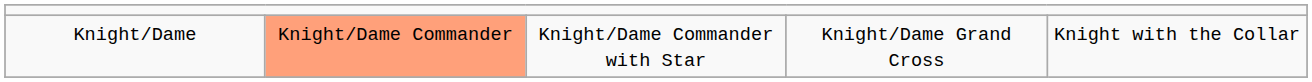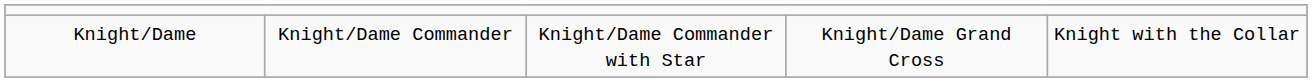 <table class="wikitable" style="margin-left: auto; margin-right: auto; border: none; width:60%;">
 <tr>
 <td colspan="5" style="text-align:center;"></td>
 </tr>
 <tr>
 <td style="vertical-align:top; width:20%; text-align:center;"><small>Knight/Dame</small></td>
-<td style="background: lightsalmon; vertical-align:top; width:20%; text-align:center;"><small>Knight/Dame Commander</small></td>
+<td style="vertical-align:top; width:20%; text-align:center;"><small>Knight/Dame Commander</small></td>
 <td style="vertical-align:top; width:20%; text-align:center;"><small>Knight/Dame Commander with Star</small></td>
 <td style="vertical-align:top; width:20%; text-align:center;"><small>Knight/Dame Grand Cross</small></td>
 <td style="vertical-align:top; width:20%; text-align:center;"><small>Knight with the Collar</small></td>
 </tr>
 </table>
